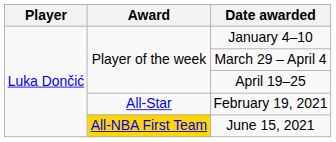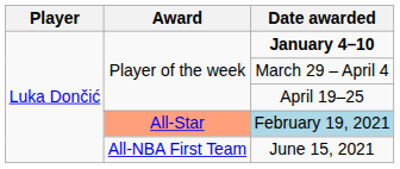 <table class="wikitable sortable">
 <tr>
 <th>Player</th>
 <th>Award</th>
 <th>Date awarded</th>
 </tr>
 <tr style="text-align: center">
 <td rowspan=5><a href='#'>Luka Dončić</a></td>
 <td rowspan=3>Player of the week</td>
-<td>January 4–10</td>
+<td><strong>January 4–10</strong></td>
 </tr>
 <tr style="text-align: center">
 <td>March 29 – April 4</td>
 </tr>
 <tr style="text-align: center">
 <td>April 19–25</td>
 </tr>
 <tr style="text-align: center">
-<td><a href='#'>All-Star</a></td>
-<td>February 19, 2021</td>
+<td style="background: lightsalmon;"><a href='#'>All-Star</a></td>
+<td style="background: lightblue;">February 19, 2021</td>
 </tr>
 <tr style="text-align: center">
-<td style="background: gold;"><a href='#'>All-NBA First Team</a></td>
+<td><a href='#'>All-NBA First Team</a></td>
 <td>June 15, 2021</td>
 </tr>
 </table>
